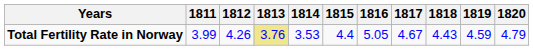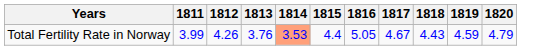 <table class="wikitable " style="text-align:right">
 <tr>
 <th>Years</th>
 <th>1811</th>
 <th>1812</th>
 <th>1813</th>
 <th>1814</th>
 <th>1815</th>
 <th>1816</th>
 <th>1817</th>
 <th>1818</th>
 <th>1819</th>
 <th>1820</th>
 </tr>
 <tr>
-<td align="left"><strong>Total Fertility Rate in Norway</strong></td>
+<td align="left">Total Fertility Rate in Norway</td>
 <td style="text-align:right; color:blue;">3.99</td>
 <td style="text-align:right; color:blue;">4.26</td>
-<td style="background: khaki; text-align:right; color:blue;">3.76</td>
-<td style="text-align:right; color:blue;">3.53</td>
+<td style="text-align:right; color:blue;">3.76</td>
+<td style="background: lightsalmon; text-align:right; color:blue;">3.53</td>
 <td style="text-align:right; color:blue;">4.4</td>
 <td style="text-align:right; color:blue;">5.05</td>
 <td style="text-align:right; color:blue;">4.67</td>
 <td style="text-align:right; color:blue;">4.43</td>
 <td style="text-align:right; color:blue;">4.59</td>
 <td style="text-align:right; color:blue;">4.79</td>
 </tr>
 </table>
